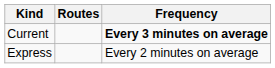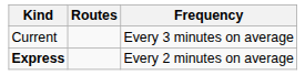 <table class="wikitable" style="margin:1em auto;">
 <tr>
 <th>Kind</th>
 <th>Routes</th>
 <th>Frequency</th>
 </tr>
 <tr>
 <td>Current</td>
 <td> </td>
-<td><strong>Every 3 minutes on average</strong></td>
+<td>Every 3 minutes on average</td>
 </tr>
 <tr>
-<td>Express</td>
+<td><strong>Express</strong></td>
 <td>  </td>
 <td>Every 2 minutes on average</td>
 </tr>
 </table>
